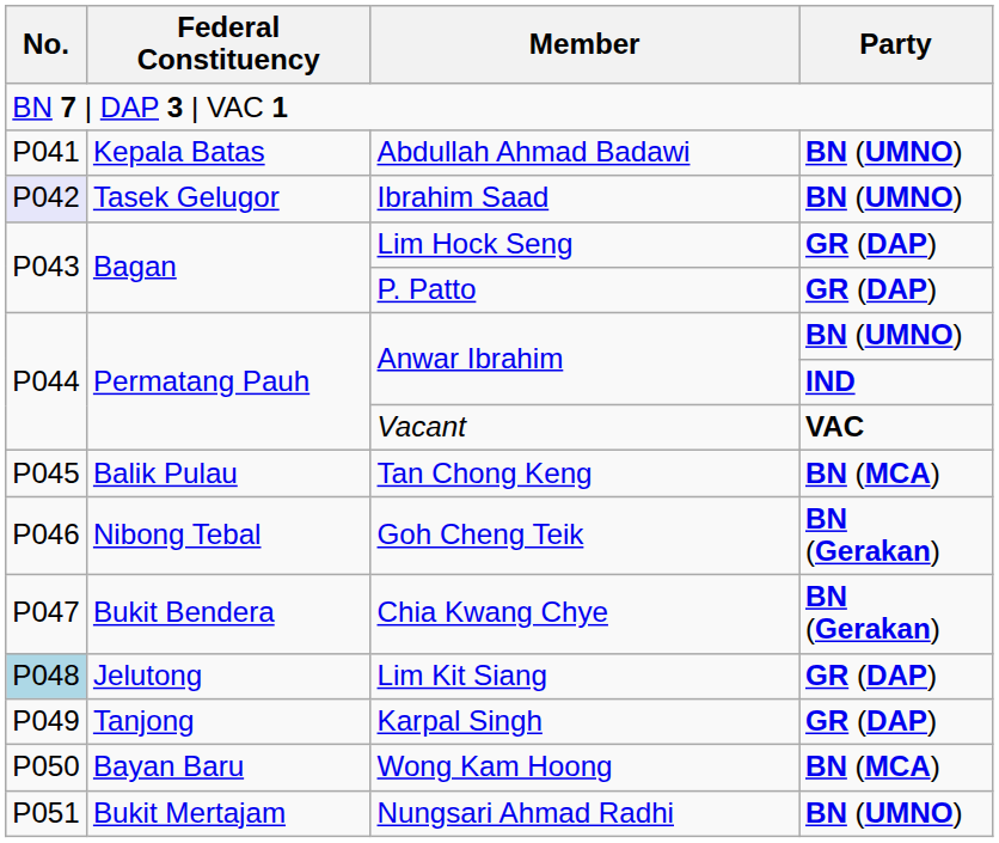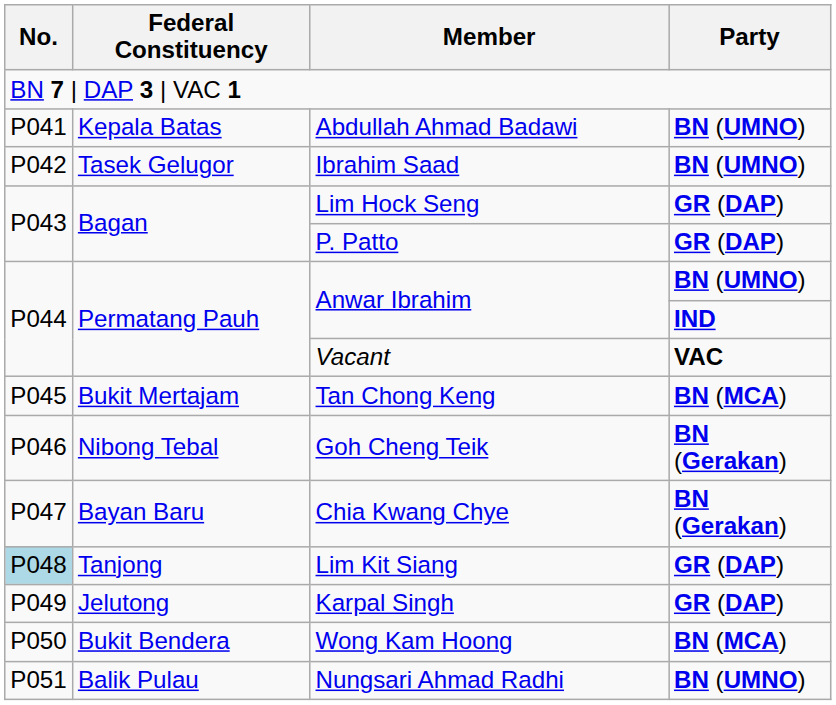 <table class="wikitable sortable">
 <tr>
 <th style="width:30px;">No.</th>
 <th style="width:150px;">Federal Constituency</th>
 <th style="width:230px;">Member</th>
 <th style="width:100px;">Party</th>
 </tr>
 <tr>
 <td colspan="4"><a href='#'>BN</a> <strong>7</strong> | <a href='#'>DAP</a> <strong>3</strong> | VAC <strong>1</strong></td>
 </tr>
 <tr>
 <td>P041</td>
 <td><a href='#'>Kepala Batas</a></td>
 <td><a href='#'>Abdullah Ahmad Badawi</a></td>
 <td><strong><a href='#'>BN</a></strong> (<strong><a href='#'>UMNO</a></strong>)</td>
 </tr>
 <tr>
-<td style="background: lavender;">P042</td>
+<td>P042</td>
 <td><a href='#'>Tasek Gelugor</a></td>
 <td><a href='#'>Ibrahim Saad</a></td>
 <td><strong><a href='#'>BN</a></strong> (<strong><a href='#'>UMNO</a></strong>)</td>
 </tr>
 <tr>
 <td rowspan=2>P043</td>
 <td rowspan=2><a href='#'>Bagan</a></td>
 <td><a href='#'>Lim Hock Seng</a> </td>
 <td><strong><a href='#'>GR</a></strong> (<strong><a href='#'>DAP</a></strong>)</td>
 </tr>
 <tr>
 <td><a href='#'>P. Patto</a> </td>
 <td><strong><a href='#'>GR</a></strong> (<strong><a href='#'>DAP</a></strong>)</td>
 </tr>
 <tr>
 <td rowspan=3>P044</td>
 <td rowspan=3><a href='#'>Permatang Pauh</a></td>
 <td rowspan=2><a href='#'>Anwar Ibrahim</a> </td>
 <td><strong><a href='#'>BN</a></strong> (<strong><a href='#'>UMNO</a></strong>)</td>
 </tr>
 <tr>
 <td><strong><a href='#'>IND</a></strong></td>
 </tr>
 <tr>
 <td><em>Vacant</em> </td>
 <td><strong>VAC</strong></td>
 </tr>
 <tr>
 <td>P045</td>
-<td><a href='#'>Balik Pulau</a></td>
+<td><a href='#'>Bukit Mertajam</a></td>
 <td><a href='#'>Tan Chong Keng</a></td>
 <td><strong><a href='#'>BN</a></strong> (<strong><a href='#'>MCA</a></strong>)</td>
 </tr>
 <tr>
 <td>P046</td>
 <td><a href='#'>Nibong Tebal</a></td>
 <td><a href='#'>Goh Cheng Teik</a></td>
 <td><strong><a href='#'>BN</a></strong> (<strong><a href='#'>Gerakan</a></strong>)</td>
 </tr>
 <tr>
 <td>P047</td>
-<td><a href='#'>Bukit Bendera</a></td>
+<td><a href='#'>Bayan Baru</a></td>
 <td><a href='#'>Chia Kwang Chye</a></td>
 <td><strong><a href='#'>BN</a></strong> (<strong><a href='#'>Gerakan</a></strong>)</td>
 </tr>
 <tr>
 <td style="background: lightblue;">P048</td>
-<td><a href='#'>Jelutong</a></td>
+<td><a href='#'>Tanjong</a></td>
 <td><a href='#'>Lim Kit Siang</a></td>
 <td><strong><a href='#'>GR</a></strong> (<strong><a href='#'>DAP</a></strong>)</td>
 </tr>
 <tr>
 <td>P049</td>
-<td><a href='#'>Tanjong</a></td>
+<td><a href='#'>Jelutong</a></td>
 <td><a href='#'>Karpal Singh</a></td>
 <td><strong><a href='#'>GR</a></strong> (<strong><a href='#'>DAP</a></strong>)</td>
 </tr>
 <tr>
 <td>P050</td>
-<td><a href='#'>Bayan Baru</a></td>
+<td><a href='#'>Bukit Bendera</a></td>
 <td><a href='#'>Wong Kam Hoong</a></td>
 <td><strong><a href='#'>BN</a></strong> (<strong><a href='#'>MCA</a></strong>)</td>
 </tr>
 <tr>
 <td>P051</td>
-<td><a href='#'>Bukit Mertajam</a></td>
+<td><a href='#'>Balik Pulau</a></td>
 <td><a href='#'>Nungsari Ahmad Radhi</a></td>
 <td><strong><a href='#'>BN</a></strong> (<strong><a href='#'>UMNO</a></strong>)</td>
 </tr>
 </table>
